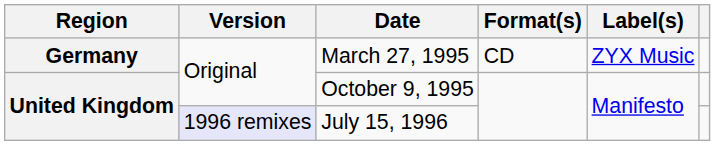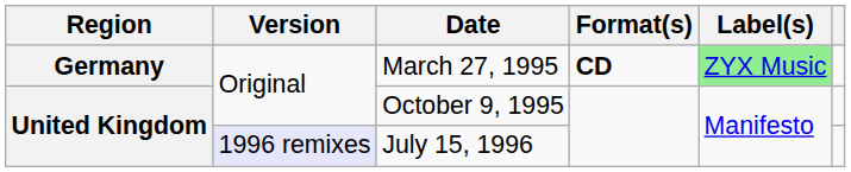 <table class="wikitable plainrowheaders">
 <tr>
 <th scope="col">Region</th>
 <th scope="col">Version</th>
 <th scope="col">Date</th>
 <th scope="col">Format(s)</th>
 <th scope="col">Label(s)</th>
 <th scope="col"></th>
 </tr>
 <tr>
 <th scope="row">Germany</th>
 <td rowspan="2">Original</td>
 <td>March 27, 1995</td>
-<td>CD</td>
-<td><a href='#'>ZYX Music</a></td>
+<td><strong>CD</strong></td>
+<td style="background: lightgreen;"><a href='#'>ZYX Music</a></td>
 <td></td>
 </tr>
 <tr>
 <th scope="row" rowspan="2">United Kingdom</th>
 <td>October 9, 1995</td>
 <td rowspan="2"></td>
 <td rowspan="2"><a href='#'>Manifesto</a></td>
 <td></td>
 </tr>
 <tr>
 <td style="background: lavender;">1996 remixes</td>
 <td>July 15, 1996</td>
 <td></td>
 </tr>
 </table>
